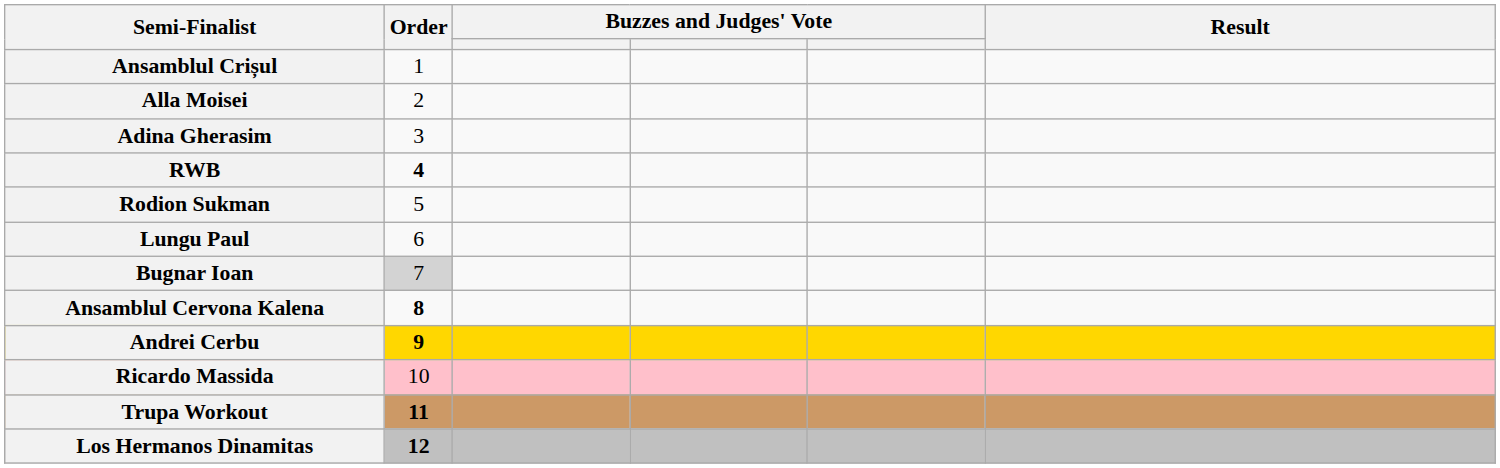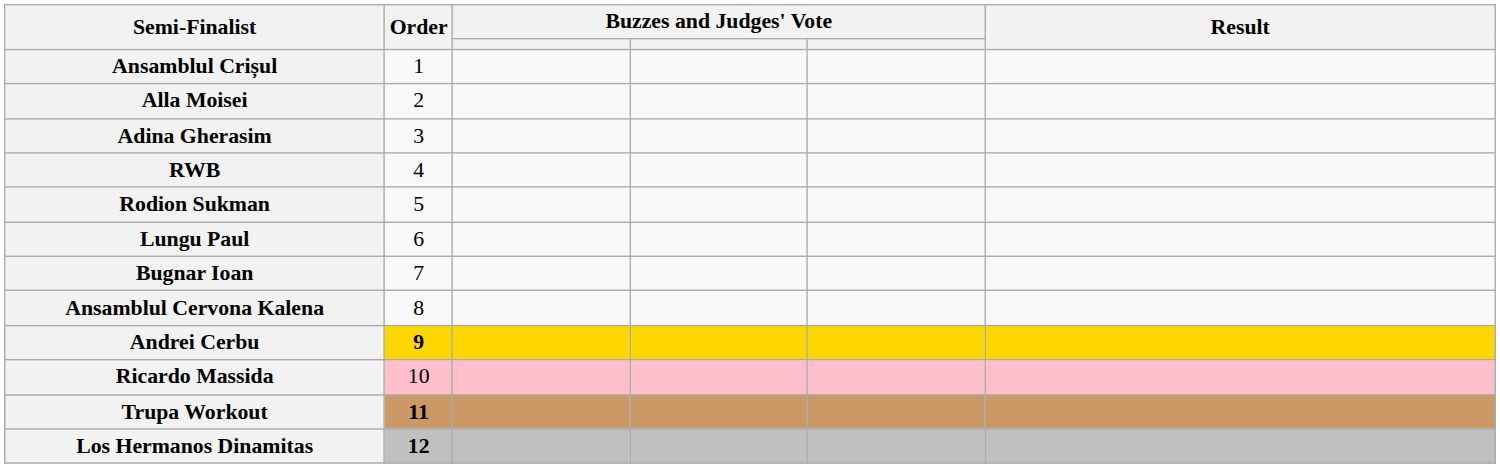 <table class="wikitable plainrowheaders sortable" style="text-align:center;">
 <tr>
 <th scope="col" rowspan=2 class="unsortable" style="width:17em;">Semi-Finalist</th>
 <th scope="col" rowspan=2 style="width:1em;">Order</th>
 <th scope="col" colspan=3 class="unsortable" style="width:24em;">Buzzes and Judges' Vote</th>
 <th scope="col" rowspan=2 style="width:23em;">Result</th>
 </tr>
 <tr>
 <th scope="col" class="unsortable" style="width:6em;"></th>
 <th scope="col" class="unsortable" style="width:6em;"></th>
 <th scope="col" class="unsortable" style="width:6em;"></th>
 </tr>
 <tr>
 <th scope="row">Ansamblul Crișul</th>
 <td>1</td>
 <td style="text-align:center;"></td>
 <td style="text-align:center;"></td>
 <td style="text-align:center;"></td>
 <td></td>
 </tr>
 <tr>
 <th scope="row">Alla Moisei</th>
 <td>2</td>
 <td style="text-align:center;"></td>
 <td style="text-align:center;"></td>
 <td style="text-align:center;"></td>
 <td></td>
 </tr>
 <tr>
 <th scope="row">Adina Gherasim</th>
 <td>3</td>
 <td style="text-align:center;"></td>
 <td style="text-align:center;"></td>
 <td style="text-align:center;"></td>
 <td></td>
 </tr>
 <tr>
 <th scope="row">RWB</th>
-<td><strong>4</strong></td>
+<td>4</td>
 <td style="text-align:center;"></td>
 <td style="text-align:center;"></td>
 <td style="text-align:center;"></td>
 <td></td>
 </tr>
 <tr>
 <th scope="row">Rodion Sukman</th>
 <td>5</td>
 <td style="text-align:center;"></td>
 <td style="text-align:center;"></td>
 <td style="text-align:center;"></td>
 <td></td>
 </tr>
 <tr>
 <th scope="row">Lungu Paul</th>
 <td>6</td>
 <td style="text-align:center;"></td>
 <td style="text-align:center;"></td>
 <td style="text-align:center;"></td>
 <td></td>
 </tr>
 <tr>
 <th scope="row">Bugnar Ioan</th>
-<td style="background: lightgrey;">7</td>
+<td>7</td>
 <td style="text-align:center;"></td>
 <td style="text-align:center;"></td>
 <td style="text-align:center;"></td>
 <td></td>
 </tr>
 <tr>
 <th scope="row">Ansamblul Cervona Kalena</th>
-<td><strong>8</strong></td>
+<td>8</td>
 <td style="text-align:center;"></td>
 <td style="text-align:center;"></td>
 <td style="text-align:center;"></td>
 <td></td>
 </tr>
 <tr bgcolor=gold>
 <th scope="row"><strong>Andrei Cerbu</strong></th>
 <td><strong>9</strong></td>
 <td style="text-align:center;"></td>
 <td style="text-align:center;"></td>
 <td style="text-align:center;"></td>
 <td><strong></strong></td>
 </tr>
 <tr style="background:pink;">
 <th scope="row">Ricardo Massida </th>
 <td>10</td>
 <td style="text-align:center;"></td>
 <td style="text-align:center;"></td>
 <td style="text-align:center;"></td>
 <td><strong></strong></td>
 </tr>
 <tr bgcolor=#c96>
 <th scope="row"><strong>Trupa Workout</strong></th>
 <td><strong>11</strong></td>
 <td style="text-align:center;"></td>
 <td style="text-align:center;"></td>
 <td style="text-align:center;"></td>
 <td><strong></strong></td>
 </tr>
 <tr style="background:silver;">
 <th scope="row"><strong>Los Hermanos Dinamitas</strong></th>
 <td><strong>12</strong></td>
 <td style="text-align:center;"></td>
 <td style="text-align:center;"></td>
 <td style="text-align:center;"></td>
 <td><strong></strong></td>
 </tr>
 </table>
